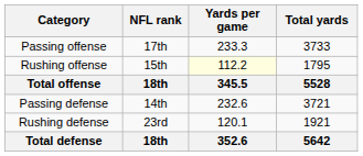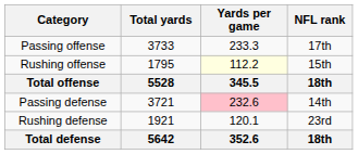 <table class="wikitable" style="text-align:center">
 <tr>
 <th width="150">Category</th>
+<th width="100">Total yards</th>
+<th width="110">Yards per game</th>
 <th width="80">NFL rank<br></th>
-<th width="110">Yards per game</th>
-<th width="100">Total yards</th>
 </tr>
 <tr>
 <td>Passing offense</td>
+<td>3733</td>
+<td>233.3</td>
 <td>17th</td>
-<td>233.3</td>
-<td>3733</td>
 </tr>
 <tr>
 <td>Rushing offense</td>
+<td>1795</td>
+<td style="background: lightyellow;">112.2</td>
 <td>15th</td>
-<td style="background: lightyellow;">112.2</td>
-<td>1795</td>
 </tr>
 <tr>
 <th>Total offense</th>
+<th>5528</th>
+<th>345.5</th>
 <th>18th</th>
-<th>345.5</th>
-<th>5528</th>
 </tr>
 <tr>
 <td>Passing defense</td>
+<td>3721</td>
+<td style="background: pink;">232.6</td>
 <td>14th</td>
-<td>232.6</td>
-<td>3721</td>
 </tr>
 <tr>
 <td>Rushing defense</td>
+<td>1921</td>
+<td>120.1</td>
 <td>23rd</td>
-<td>120.1</td>
-<td>1921</td>
 </tr>
 <tr>
 <th>Total defense</th>
+<th>5642</th>
+<th>352.6</th>
 <th>18th</th>
-<th>352.6</th>
-<th>5642</th>
 </tr>
 </table>
